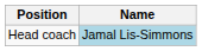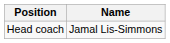 <table class="wikitable">
 <tr>
 <th>Position</th>
 <th>Name</th>
 </tr>
 <tr>
 <td>Head coach</td>
-<td style="background: lightblue;">Jamal Lis-Simmons</td>
+<td>Jamal Lis-Simmons</td>
 </tr>
 </table>
